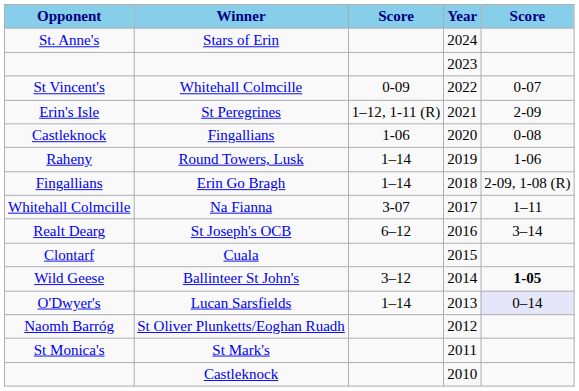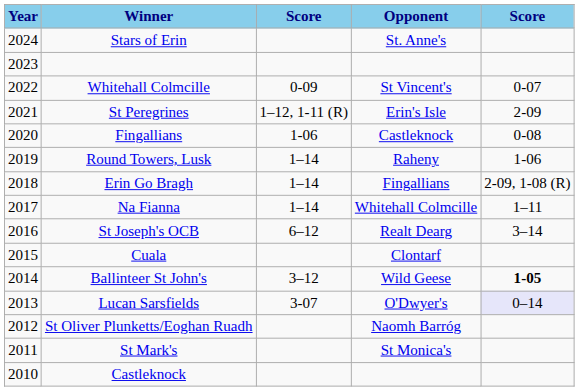 <table class="wikitable" style="text-align:center;">
 <tr>
-<th style="background:skyblue;color:navy;">Opponent</th>
+<th style="background:skyblue;color:navy;">Year</th>
 <th style="background:skyblue;color:navy;">Winner</th>
 <th style="background:skyblue;color:navy;">Score</th>
-<th style="background:skyblue;color:navy;">Year</th>
+<th style="background:skyblue;color:navy;">Opponent</th>
 <th style="background:skyblue;color:navy;">Score</th>
 </tr>
 <tr>
-<td><a href='#'>St. Anne's</a></td>
+<td>2024</td>
 <td><a href='#'>Stars of Erin</a></td>
 <td></td>
-<td>2024</td>
+<td><a href='#'>St. Anne's</a></td>
 <td></td>
 </tr>
 <tr>
+<td>2023</td>
 <td></td>
 <td></td>
 <td></td>
-<td>2023</td>
 <td></td>
 </tr>
 <tr>
-<td><a href='#'>St Vincent's</a></td>
+<td>2022</td>
 <td><a href='#'>Whitehall Colmcille</a></td>
 <td>0-09</td>
-<td>2022</td>
+<td><a href='#'>St Vincent's</a></td>
 <td>0-07</td>
 </tr>
 <tr |->
-<td><a href='#'>Erin's Isle</a></td>
+<td>2021</td>
 <td><a href='#'>St Peregrines</a></td>
 <td>1–12, 1-11 (R)</td>
-<td>2021</td>
+<td><a href='#'>Erin's Isle</a></td>
 <td>2-09</td>
 </tr>
 <tr>
-<td><a href='#'>Castleknock</a></td>
+<td>2020</td>
 <td><a href='#'>Fingallians</a></td>
 <td>1-06</td>
-<td>2020</td>
+<td><a href='#'>Castleknock</a></td>
 <td>0-08</td>
 </tr>
 <tr>
-<td><a href='#'>Raheny</a></td>
+<td>2019</td>
 <td><a href='#'>Round Towers, Lusk</a></td>
 <td>1–14</td>
-<td>2019</td>
+<td><a href='#'>Raheny</a></td>
 <td>1-06</td>
 </tr>
 <tr>
-<td><a href='#'>Fingallians</a></td>
+<td>2018</td>
 <td><a href='#'>Erin Go Bragh</a></td>
 <td>1–14</td>
-<td>2018</td>
+<td><a href='#'>Fingallians</a></td>
 <td>2-09, 1-08 (R)</td>
 </tr>
 <tr>
+<td>2017</td>
+<td><a href='#'>Na Fianna</a></td>
+<td>1–14</td>
 <td><a href='#'>Whitehall Colmcille</a></td>
-<td><a href='#'>Na Fianna</a></td>
-<td>3-07</td>
-<td>2017</td>
 <td>1–11</td>
 </tr>
 <tr>
-<td><a href='#'>Realt Dearg</a></td>
+<td>2016</td>
 <td><a href='#'>St Joseph's OCB</a></td>
 <td>6–12</td>
-<td>2016</td>
+<td><a href='#'>Realt Dearg</a></td>
 <td>3–14</td>
 </tr>
 <tr>
-<td><a href='#'>Clontarf</a></td>
+<td>2015</td>
 <td><a href='#'>Cuala</a></td>
 <td></td>
-<td>2015</td>
+<td><a href='#'>Clontarf</a></td>
 <td></td>
 </tr>
 <tr>
-<td><a href='#'>Wild Geese</a></td>
+<td>2014</td>
 <td><a href='#'>Ballinteer St John's</a></td>
 <td>3–12</td>
-<td>2014</td>
+<td><a href='#'>Wild Geese</a></td>
 <td><strong>1-05</strong></td>
 </tr>
 <tr>
+<td>2013</td>
+<td><a href='#'>Lucan Sarsfields</a></td>
+<td>3-07</td>
 <td><a href='#'>O'Dwyer's</a></td>
-<td><a href='#'>Lucan Sarsfields</a></td>
-<td>1–14</td>
-<td>2013</td>
 <td style="background: lavender;">0–14</td>
 </tr>
 <tr>
-<td><a href='#'>Naomh Barróg</a></td>
+<td>2012</td>
 <td><a href='#'>St Oliver Plunketts/Eoghan Ruadh</a></td>
 <td></td>
-<td>2012</td>
+<td><a href='#'>Naomh Barróg</a></td>
 <td></td>
 </tr>
 <tr>
-<td><a href='#'>St Monica's</a></td>
+<td>2011</td>
 <td><a href='#'>St Mark's</a></td>
 <td></td>
-<td>2011</td>
+<td><a href='#'>St Monica's</a></td>
 <td></td>
 </tr>
 <tr>
-<td></td>
+<td>2010</td>
 <td><a href='#'>Castleknock</a></td>
 <td></td>
-<td>2010</td>
+<td></td>
 <td></td>
 </tr>
 </table>
